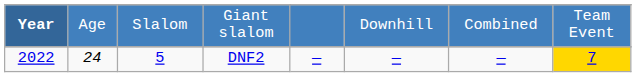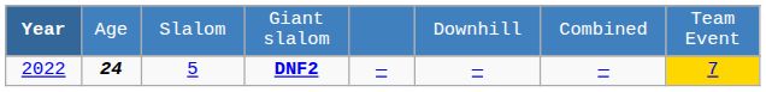 <table class="wikitable" style="font-size:95%; text-align:center; border:grey solid 1px; border-collapse:collapse;" width="40%">
 <tr style="background-color:#369; color:white;">
 <td rowspan="2" colspan="1" width="4%"><strong>Year</strong></td>
 </tr>
 <tr style="background-color:#4180be; color:white;">
 <td width="3%">Age</td>
 <td width="5%">Slalom</td>
 <td width="5%">Giant<br>slalom</td>
 <td width="5%"></td>
 <td width="5%">Downhill</td>
 <td width="5%">Combined</td>
 <td width="5%">Team Event</td>
 </tr>
 <tr style="background-color:#8CB2D8; color:white;">
 </tr>
 <tr>
 <td><a href='#'>2022</a></td>
-<td><em>24</em></td>
+<td><strong><em>24</em></strong></td>
 <td><a href='#'>5</a></td>
-<td><a href='#'>DNF2</a></td>
+<td><strong><a href='#'>DNF2</a></strong></td>
 <td><a href='#'>—</a></td>
 <td><a href='#'>—</a></td>
 <td><a href='#'>—</a></td>
 <td style="background: gold;"><a href='#'>7</a></td>
 </tr>
 </table>
